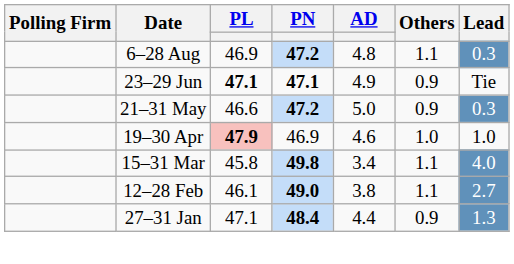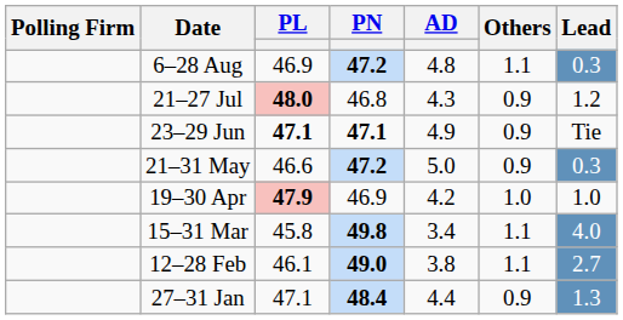 <table class="wikitable sortable" style="text-align:center;font-size:90%;line-height:14px;">
 <tr>
 <th rowspan="2">Polling Firm</th>
 <th rowspan="2">Date</th>
 <th style="width:40px;"><a href='#'>PL</a></th>
 <th style="width:40px;"><a href='#'>PN</a></th>
 <th style="width:40px;"><a href='#'>AD</a></th>
 <th style="width:40px;" rowspan="2">Others</th>
 <th style="width:30px;" rowspan="2">Lead</th>
 </tr>
 <tr>
 <th style="background:"></th>
 <th style="background:"></th>
 <th style="background:"></th>
 </tr>
 <tr>
 <td></td>
 <td>6–28 Aug</td>
 <td>46.9</td>
 <td style="background:#C4DDF9"><strong>47.2</strong></td>
 <td>4.8</td>
 <td>1.1</td>
 <td style="background:#6091BA; color:white;">0.3</td>
 </tr>
 <tr>
 <td></td>
+<td>21–27 Jul</td>
+<td style="background:#F8C1BE"><strong>48.0</strong></td>
+<td>46.8</td>
+<td>4.3</td>
+<td>0.9</td>
+<td style="background:">1.2</td>
+</tr>
+<tr>
+<td></td>
 <td>23–29 Jun</td>
 <td><strong>47.1</strong></td>
 <td><strong>47.1</strong></td>
 <td>4.9</td>
 <td>0.9</td>
 <td>Tie</td>
 </tr>
 <tr>
 <td></td>
 <td>21–31 May</td>
 <td>46.6</td>
 <td style="background:#C4DDF9"><strong>47.2</strong></td>
 <td>5.0</td>
 <td>0.9</td>
 <td style="background:#6091BA; color:white;">0.3</td>
 </tr>
 <tr>
 <td></td>
 <td>19–30 Apr</td>
 <td style="background:#F8C1BE"><strong>47.9</strong></td>
 <td>46.9</td>
-<td>4.6</td>
+<td>4.2</td>
 <td>1.0</td>
 <td style="background:">1.0</td>
 </tr>
 <tr>
 <td></td>
 <td>15–31 Mar</td>
 <td>45.8</td>
 <td style="background:#C4DDF9"><strong>49.8</strong></td>
 <td>3.4</td>
 <td>1.1</td>
 <td style="background:#6091BA; color:white;">4.0</td>
 </tr>
 <tr>
 <td></td>
 <td>12–28 Feb</td>
 <td>46.1</td>
 <td style="background:#C4DDF9"><strong>49.0</strong></td>
 <td>3.8</td>
 <td>1.1</td>
 <td style="background:#6091BA; color:white;">2.7</td>
 </tr>
 <tr>
 <td></td>
 <td>27–31 Jan</td>
 <td>47.1</td>
 <td style="background:#C4DDF9"><strong>48.4</strong></td>
 <td>4.4</td>
 <td>0.9</td>
 <td style="background:#6091BA; color:white;">1.3</td>
 </tr>
 </table>
